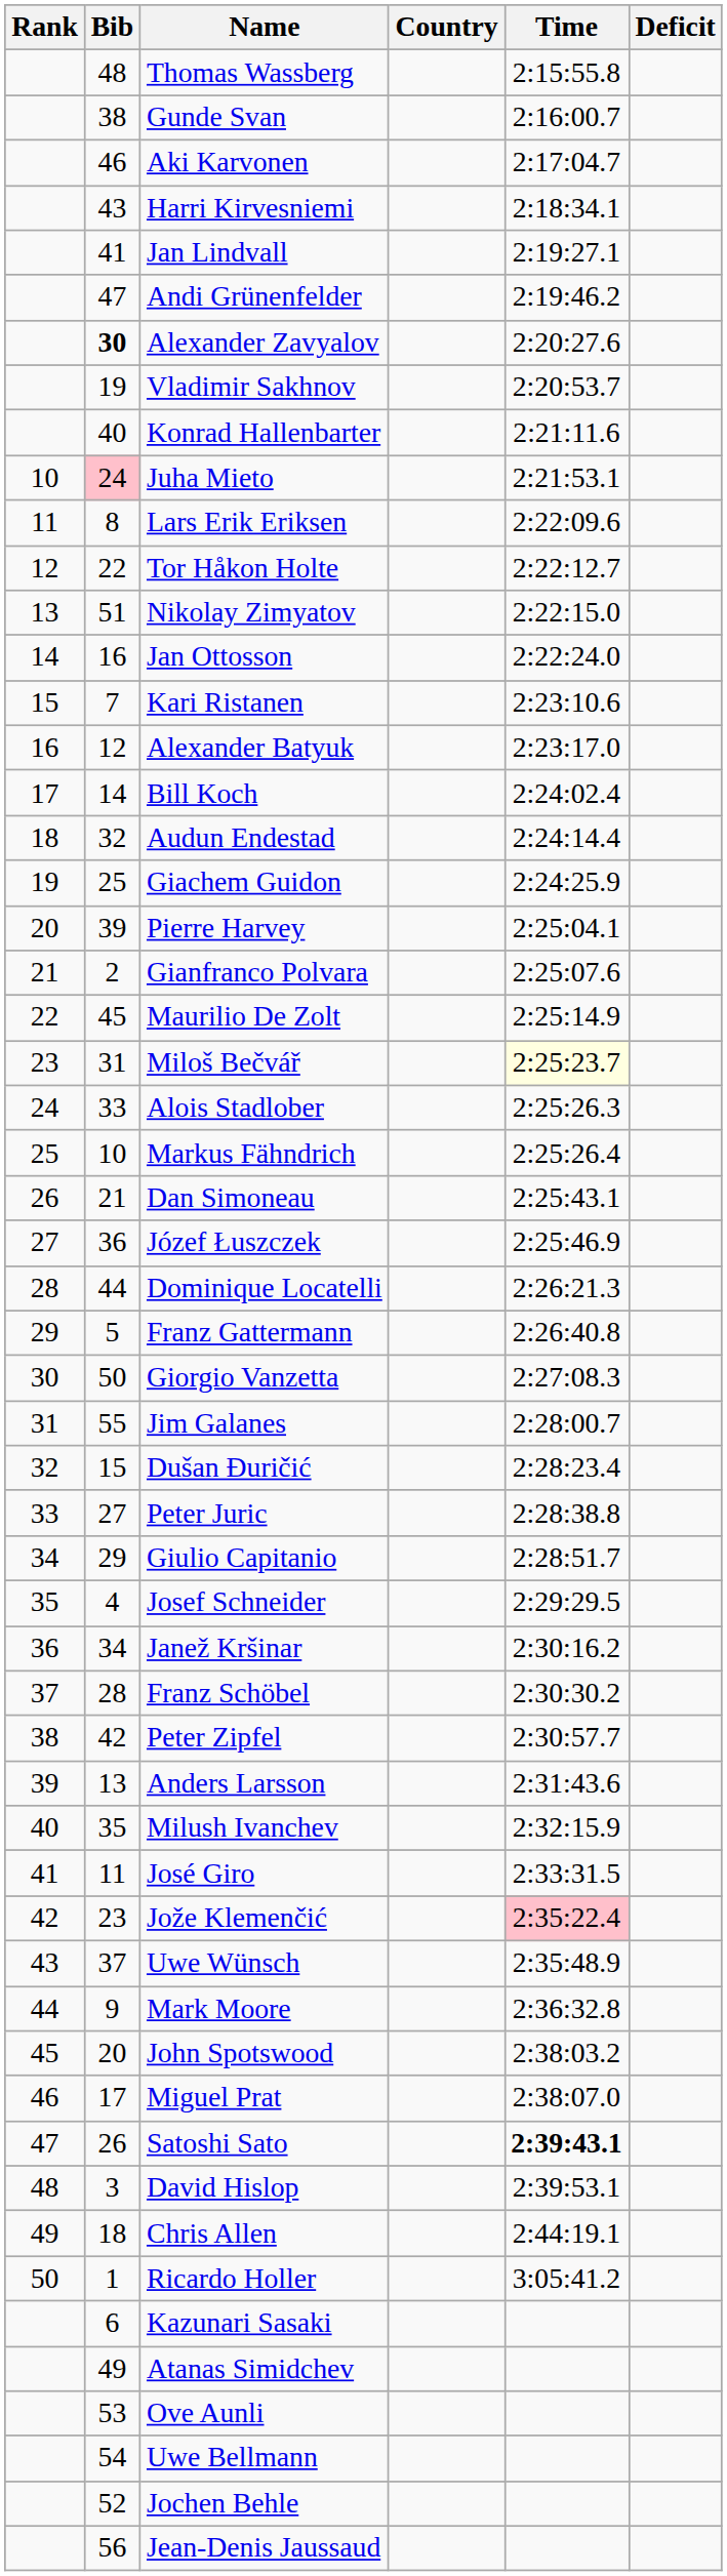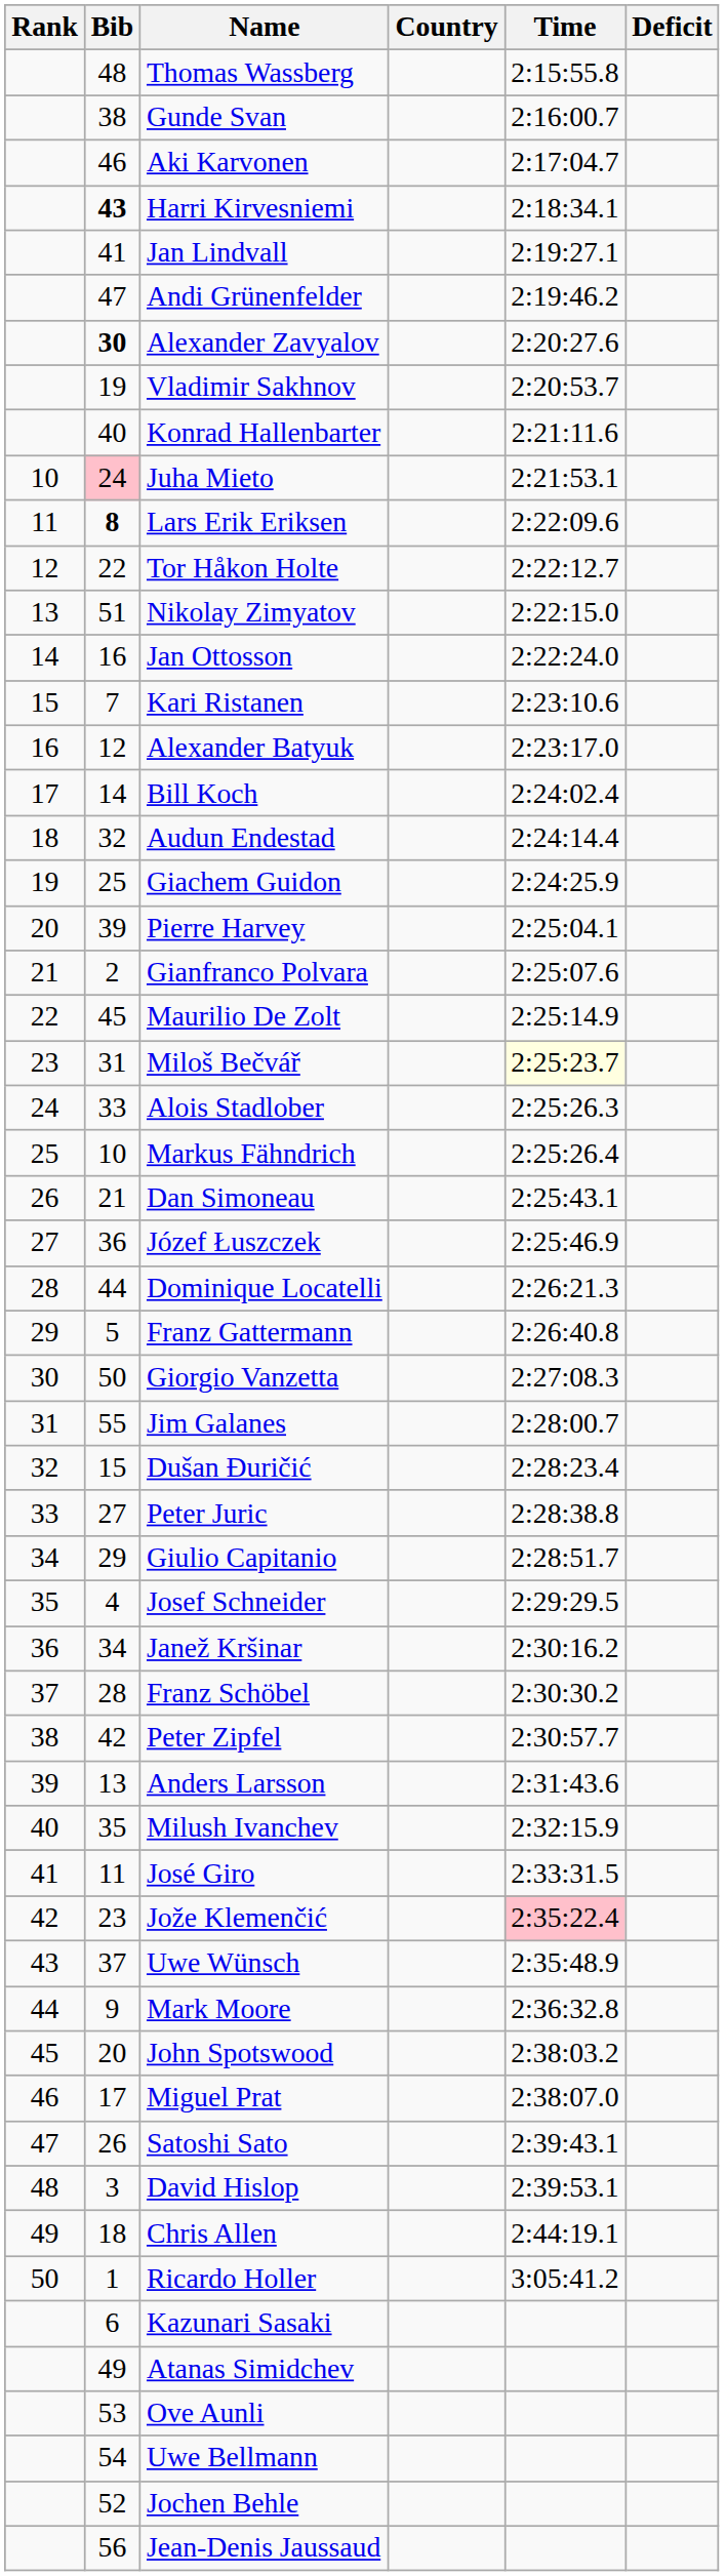 <table class="wikitable sortable" style="text-align:center">
 <tr>
 <th>Rank</th>
 <th>Bib</th>
 <th>Name</th>
 <th>Country</th>
 <th>Time</th>
 <th>Deficit</th>
 </tr>
 <tr>
 <td></td>
 <td>48</td>
 <td align="left"><a href='#'>Thomas Wassberg</a></td>
 <td align="left"></td>
 <td>2:15:55.8</td>
 <td></td>
 </tr>
 <tr>
 <td></td>
 <td>38</td>
 <td align="left"><a href='#'>Gunde Svan</a></td>
 <td align="left"></td>
 <td>2:16:00.7</td>
 <td align=right></td>
 </tr>
 <tr>
 <td></td>
 <td>46</td>
 <td align="left"><a href='#'>Aki Karvonen</a></td>
 <td align="left"></td>
 <td>2:17:04.7</td>
 <td align=right></td>
 </tr>
 <tr>
 <td></td>
-<td>43</td>
+<td><strong>43</strong></td>
 <td align="left"><a href='#'>Harri Kirvesniemi</a></td>
 <td align="left"></td>
 <td>2:18:34.1</td>
 <td align=right></td>
 </tr>
 <tr>
 <td></td>
 <td>41</td>
 <td align="left"><a href='#'>Jan Lindvall</a></td>
 <td align="left"></td>
 <td>2:19:27.1</td>
 <td align=right></td>
 </tr>
 <tr>
 <td></td>
 <td>47</td>
 <td align="left"><a href='#'>Andi Grünenfelder</a></td>
 <td align="left"></td>
 <td>2:19:46.2</td>
 <td align=right></td>
 </tr>
 <tr>
 <td></td>
 <td><strong>30</strong></td>
 <td align="left"><a href='#'>Alexander Zavyalov</a></td>
 <td align="left"></td>
 <td>2:20:27.6</td>
 <td align=right></td>
 </tr>
 <tr>
 <td></td>
 <td>19</td>
 <td align="left"><a href='#'>Vladimir Sakhnov</a></td>
 <td align="left"></td>
 <td>2:20:53.7</td>
 <td align=right></td>
 </tr>
 <tr>
 <td></td>
 <td>40</td>
 <td align="left"><a href='#'>Konrad Hallenbarter</a></td>
 <td align="left"></td>
 <td>2:21:11.6</td>
 <td align=right></td>
 </tr>
 <tr>
 <td>10</td>
 <td style="background: pink;">24</td>
 <td align="left"><a href='#'>Juha Mieto</a></td>
 <td align="left"></td>
 <td>2:21:53.1</td>
 <td align=right></td>
 </tr>
 <tr>
 <td>11</td>
-<td>8</td>
+<td><strong>8</strong></td>
 <td align="left"><a href='#'>Lars Erik Eriksen</a></td>
 <td align="left"></td>
 <td>2:22:09.6</td>
 <td align=right></td>
 </tr>
 <tr>
 <td>12</td>
 <td>22</td>
 <td align="left"><a href='#'>Tor Håkon Holte</a></td>
 <td align="left"></td>
 <td>2:22:12.7</td>
 <td align=right></td>
 </tr>
 <tr>
 <td>13</td>
 <td>51</td>
 <td align="left"><a href='#'>Nikolay Zimyatov</a></td>
 <td align="left"></td>
 <td>2:22:15.0</td>
 <td align=right></td>
 </tr>
 <tr>
 <td>14</td>
 <td>16</td>
 <td align="left"><a href='#'>Jan Ottosson</a></td>
 <td align="left"></td>
 <td>2:22:24.0</td>
 <td align=right></td>
 </tr>
 <tr>
 <td>15</td>
 <td>7</td>
 <td align="left"><a href='#'>Kari Ristanen</a></td>
 <td align="left"></td>
 <td>2:23:10.6</td>
 <td align=right></td>
 </tr>
 <tr>
 <td>16</td>
 <td>12</td>
 <td align="left"><a href='#'>Alexander Batyuk</a></td>
 <td align="left"></td>
 <td>2:23:17.0</td>
 <td align=right></td>
 </tr>
 <tr>
 <td>17</td>
 <td>14</td>
 <td align="left"><a href='#'>Bill Koch</a></td>
 <td align="left"></td>
 <td>2:24:02.4</td>
 <td align=right></td>
 </tr>
 <tr>
 <td>18</td>
 <td>32</td>
 <td align="left"><a href='#'>Audun Endestad</a></td>
 <td align="left"></td>
 <td>2:24:14.4</td>
 <td align=right></td>
 </tr>
 <tr>
 <td>19</td>
 <td>25</td>
 <td align="left"><a href='#'>Giachem Guidon</a></td>
 <td align="left"></td>
 <td>2:24:25.9</td>
 <td align=right></td>
 </tr>
 <tr>
 <td>20</td>
 <td>39</td>
 <td align="left"><a href='#'>Pierre Harvey</a></td>
 <td align="left"></td>
 <td>2:25:04.1</td>
 <td align=right></td>
 </tr>
 <tr>
 <td>21</td>
 <td>2</td>
 <td align="left"><a href='#'>Gianfranco Polvara</a></td>
 <td align="left"></td>
 <td>2:25:07.6</td>
 <td align=right></td>
 </tr>
 <tr>
 <td>22</td>
 <td>45</td>
 <td align="left"><a href='#'>Maurilio De Zolt</a></td>
 <td align="left"></td>
 <td>2:25:14.9</td>
 <td align=right></td>
 </tr>
 <tr>
 <td>23</td>
 <td>31</td>
 <td align="left"><a href='#'>Miloš Bečvář</a></td>
 <td align="left"></td>
 <td style="background: lightyellow;">2:25:23.7</td>
 <td align=right></td>
 </tr>
 <tr>
 <td>24</td>
 <td>33</td>
 <td align="left"><a href='#'>Alois Stadlober</a></td>
 <td align="left"></td>
 <td>2:25:26.3</td>
 <td align=right></td>
 </tr>
 <tr>
 <td>25</td>
 <td>10</td>
 <td align="left"><a href='#'>Markus Fähndrich</a></td>
 <td align="left"></td>
 <td>2:25:26.4</td>
 <td align=right></td>
 </tr>
 <tr>
 <td>26</td>
 <td>21</td>
 <td align="left"><a href='#'>Dan Simoneau</a></td>
 <td align="left"></td>
 <td>2:25:43.1</td>
 <td align=right></td>
 </tr>
 <tr>
 <td>27</td>
 <td>36</td>
 <td align="left"><a href='#'>Józef Łuszczek</a></td>
 <td align="left"></td>
 <td>2:25:46.9</td>
 <td align=right></td>
 </tr>
 <tr>
 <td>28</td>
 <td>44</td>
 <td align="left"><a href='#'>Dominique Locatelli</a></td>
 <td align="left"></td>
 <td>2:26:21.3</td>
 <td align=right></td>
 </tr>
 <tr>
 <td>29</td>
 <td>5</td>
 <td align="left"><a href='#'>Franz Gattermann</a></td>
 <td align="left"></td>
 <td>2:26:40.8</td>
 <td align=right></td>
 </tr>
 <tr>
 <td>30</td>
 <td>50</td>
 <td align="left"><a href='#'>Giorgio Vanzetta</a></td>
 <td align="left"></td>
 <td>2:27:08.3</td>
 <td align=right></td>
 </tr>
 <tr>
 <td>31</td>
 <td>55</td>
 <td align="left"><a href='#'>Jim Galanes</a></td>
 <td align="left"></td>
 <td>2:28:00.7</td>
 <td align=right></td>
 </tr>
 <tr>
 <td>32</td>
 <td>15</td>
 <td align="left"><a href='#'>Dušan Ðuričić</a></td>
 <td align="left"></td>
 <td>2:28:23.4</td>
 <td align=right></td>
 </tr>
 <tr>
 <td>33</td>
 <td>27</td>
 <td align="left"><a href='#'>Peter Juric</a></td>
 <td align="left"></td>
 <td>2:28:38.8</td>
 <td align=right></td>
 </tr>
 <tr>
 <td>34</td>
 <td>29</td>
 <td align="left"><a href='#'>Giulio Capitanio</a></td>
 <td align="left"></td>
 <td>2:28:51.7</td>
 <td align=right></td>
 </tr>
 <tr>
 <td>35</td>
 <td>4</td>
 <td align="left"><a href='#'>Josef Schneider</a></td>
 <td align="left"></td>
 <td>2:29:29.5</td>
 <td align=right></td>
 </tr>
 <tr>
 <td>36</td>
 <td>34</td>
 <td align="left"><a href='#'>Janež Kršinar</a></td>
 <td align="left"></td>
 <td>2:30:16.2</td>
 <td align=right></td>
 </tr>
 <tr>
 <td>37</td>
 <td>28</td>
 <td align="left"><a href='#'>Franz Schöbel</a></td>
 <td align="left"></td>
 <td>2:30:30.2</td>
 <td align=right></td>
 </tr>
 <tr>
 <td>38</td>
 <td>42</td>
 <td align="left"><a href='#'>Peter Zipfel</a></td>
 <td align="left"></td>
 <td>2:30:57.7</td>
 <td align=right></td>
 </tr>
 <tr>
 <td>39</td>
 <td>13</td>
 <td align="left"><a href='#'>Anders Larsson</a></td>
 <td align="left"></td>
 <td>2:31:43.6</td>
 <td align=right></td>
 </tr>
 <tr>
 <td>40</td>
 <td>35</td>
 <td align="left"><a href='#'>Milush Ivanchev</a></td>
 <td align="left"></td>
 <td>2:32:15.9</td>
 <td align=right></td>
 </tr>
 <tr>
 <td>41</td>
 <td>11</td>
 <td align="left"><a href='#'>José Giro</a></td>
 <td align="left"></td>
 <td>2:33:31.5</td>
 <td align=right></td>
 </tr>
 <tr>
 <td>42</td>
 <td>23</td>
 <td align="left"><a href='#'>Jože Klemenčić</a></td>
 <td align="left"></td>
 <td style="background: pink;">2:35:22.4</td>
 <td align=right></td>
 </tr>
 <tr>
 <td>43</td>
 <td>37</td>
 <td align="left"><a href='#'>Uwe Wünsch</a></td>
 <td align="left"></td>
 <td>2:35:48.9</td>
 <td align=right></td>
 </tr>
 <tr>
 <td>44</td>
 <td>9</td>
 <td align="left"><a href='#'>Mark Moore</a></td>
 <td align="left"></td>
 <td>2:36:32.8</td>
 <td align=right></td>
 </tr>
 <tr>
 <td>45</td>
 <td>20</td>
 <td align="left"><a href='#'>John Spotswood</a></td>
 <td align="left"></td>
 <td>2:38:03.2</td>
 <td align=right></td>
 </tr>
 <tr>
 <td>46</td>
 <td>17</td>
 <td align="left"><a href='#'>Miguel Prat</a></td>
 <td align="left"></td>
 <td>2:38:07.0</td>
 <td align=right></td>
 </tr>
 <tr>
 <td>47</td>
 <td>26</td>
 <td align="left"><a href='#'>Satoshi Sato</a></td>
 <td align="left"></td>
-<td><strong>2:39:43.1</strong></td>
+<td>2:39:43.1</td>
 <td align=right></td>
 </tr>
 <tr>
 <td>48</td>
 <td>3</td>
 <td align="left"><a href='#'>David Hislop</a></td>
 <td align="left"></td>
 <td>2:39:53.1</td>
 <td align=right></td>
 </tr>
 <tr>
 <td>49</td>
 <td>18</td>
 <td align="left"><a href='#'>Chris Allen</a></td>
 <td align="left"></td>
 <td>2:44:19.1</td>
 <td align=right></td>
 </tr>
 <tr>
 <td>50</td>
 <td>1</td>
 <td align="left"><a href='#'>Ricardo Holler</a></td>
 <td align="left"></td>
 <td>3:05:41.2</td>
 <td align=right></td>
 </tr>
 <tr>
 <td></td>
 <td>6</td>
 <td align="left"><a href='#'>Kazunari Sasaki</a></td>
 <td align="left"></td>
 <td></td>
 <td></td>
 </tr>
 <tr>
 <td></td>
 <td>49</td>
 <td align="left"><a href='#'>Atanas Simidchev</a></td>
 <td align="left"></td>
 <td></td>
 <td></td>
 </tr>
 <tr>
 <td></td>
 <td>53</td>
 <td align="left"><a href='#'>Ove Aunli</a></td>
 <td align="left"></td>
 <td></td>
 <td></td>
 </tr>
 <tr>
 <td></td>
 <td>54</td>
 <td align="left"><a href='#'>Uwe Bellmann</a></td>
 <td align="left"></td>
 <td></td>
 <td></td>
 </tr>
 <tr>
 <td></td>
 <td>52</td>
 <td align="left"><a href='#'>Jochen Behle</a></td>
 <td align="left"></td>
 <td></td>
 <td></td>
 </tr>
 <tr>
 <td></td>
 <td>56</td>
 <td align="left"><a href='#'>Jean-Denis Jaussaud</a></td>
 <td align="left"></td>
 <td></td>
 <td></td>
 </tr>
 </table>
